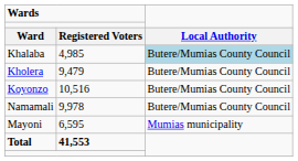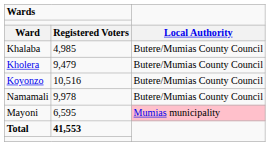 <table class="wikitable">
 <tr>
 <td colspan="2"><strong>Wards</strong></td>
 </tr>
 <tr>
 <td colspan="2"></td>
 </tr>
 <tr>
 <th>Ward</th>
 <th>Registered Voters</th>
 <th><a href='#'>Local Authority</a></th>
 </tr>
 <tr>
 <td>Khalaba</td>
 <td>4,985</td>
-<td style="background: lightblue;">Butere/Mumias County Council</td>
+<td>Butere/Mumias County Council</td>
 </tr>
 <tr>
 <td><a href='#'>Kholera</a></td>
 <td>9,479</td>
 <td>Butere/Mumias County Council</td>
 </tr>
 <tr>
 <td><a href='#'>Koyonzo</a></td>
 <td>10,516</td>
 <td>Butere/Mumias County Council</td>
 </tr>
 <tr>
 <td>Namamali</td>
 <td>9,978</td>
 <td>Butere/Mumias County Council</td>
 </tr>
 <tr>
 <td>Mayoni</td>
 <td>6,595</td>
-<td><a href='#'>Mumias</a> municipality</td>
+<td style="background: pink;"><a href='#'>Mumias</a> municipality</td>
 </tr>
 <tr>
 <td><strong>Total</strong></td>
 <td><strong>41,553</strong></td>
 </tr>
 <tr>
 <td colspan="2"></td>
 </tr>
 </table>
